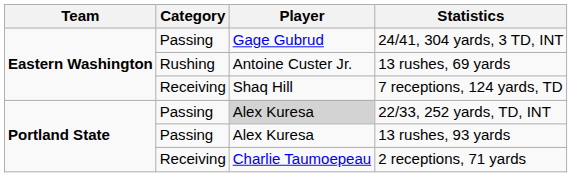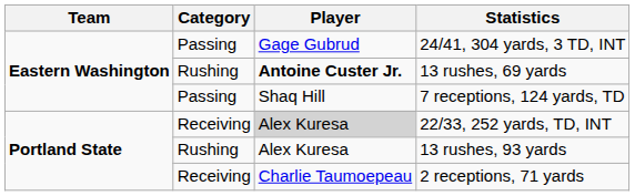 <table class="wikitable" style="float: left;">
 <tr>
 <th>Team</th>
 <th>Category</th>
 <th>Player</th>
 <th>Statistics</th>
 </tr>
 <tr>
 <td rowspan=3><strong>Eastern Washington</strong></td>
 <td>Passing</td>
 <td><a href='#'>Gage Gubrud</a></td>
 <td>24/41, 304 yards, 3 TD, INT</td>
 </tr>
 <tr>
 <td>Rushing</td>
-<td>Antoine Custer Jr.</td>
+<td><strong>Antoine Custer Jr.</strong></td>
 <td>13 rushes, 69 yards</td>
 </tr>
 <tr>
-<td>Receiving</td>
+<td>Passing</td>
 <td>Shaq Hill</td>
 <td>7 receptions, 124 yards, TD</td>
 </tr>
 <tr>
 <td rowspan=3><strong>Portland State</strong></td>
-<td>Passing</td>
+<td>Receiving</td>
 <td style="background: lightgrey;">Alex Kuresa</td>
 <td>22/33, 252 yards, TD, INT</td>
 </tr>
 <tr>
-<td>Passing</td>
+<td>Rushing</td>
 <td>Alex Kuresa</td>
 <td>13 rushes, 93 yards</td>
 </tr>
 <tr>
 <td>Receiving</td>
 <td><a href='#'>Charlie Taumoepeau</a></td>
 <td>2 receptions, 71 yards</td>
 </tr>
 </table>
